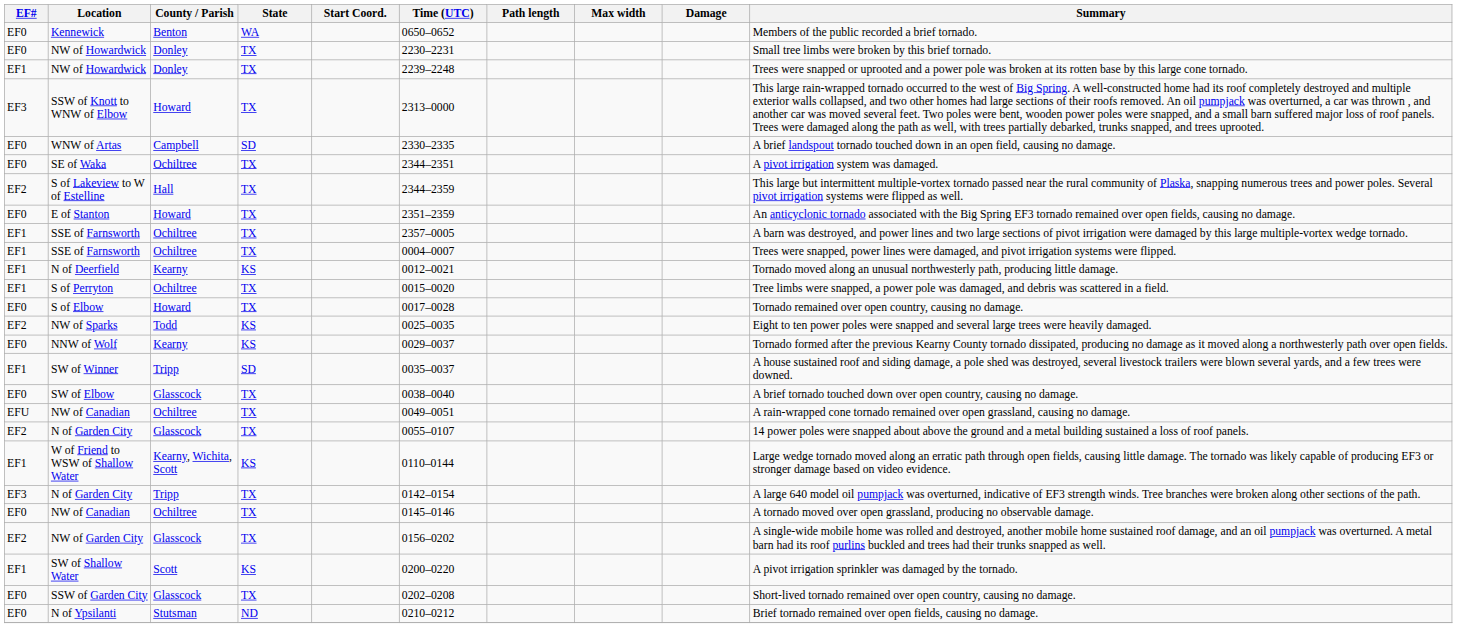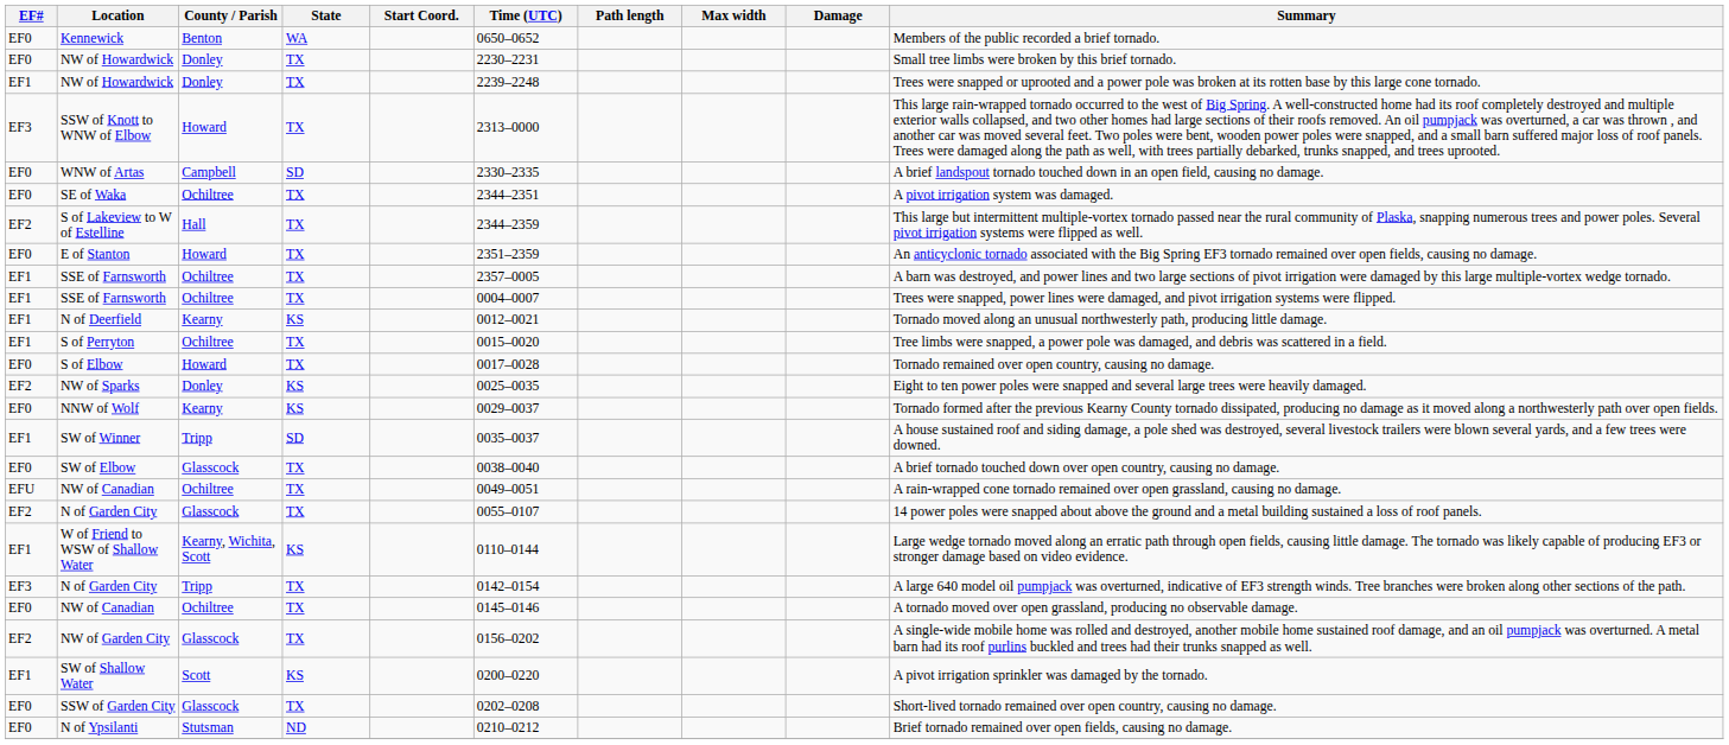 <table class="wikitable sortable" style="width:100%;">
 <tr>
 <th scope="col" width="3%" align="center"><a href='#'>EF#</a></th>
 <th scope="col" width="7%" align="center" class="unsortable">Location</th>
 <th scope="col" width="6%" align="center" class="unsortable">County / Parish</th>
 <th scope="col" width="5%" align="center">State</th>
 <th scope="col" width="6%" align="center">Start Coord.</th>
 <th scope="col" width="6%" align="center">Time (<a href='#'>UTC</a>)</th>
 <th scope="col" width="6%" align="center">Path length</th>
 <th scope="col" width="6%" align="center">Max width</th>
 <th scope="col" width="6%" align="center">Damage</th>
 <th scope="col" width="48%" class="unsortable" align="center">Summary</th>
 </tr>
 <tr>
 <td>EF0</td>
 <td><a href='#'>Kennewick</a></td>
 <td><a href='#'>Benton</a></td>
 <td><a href='#'>WA</a></td>
 <td></td>
 <td>0650–0652</td>
 <td></td>
 <td></td>
 <td></td>
 <td>Members of the public recorded a brief tornado.</td>
 </tr>
 <tr>
 <td>EF0</td>
 <td>NW of <a href='#'>Howardwick</a></td>
 <td><a href='#'>Donley</a></td>
 <td><a href='#'>TX</a></td>
 <td></td>
 <td>2230–2231</td>
 <td></td>
 <td></td>
 <td></td>
 <td>Small tree limbs were broken by this brief tornado.</td>
 </tr>
 <tr>
 <td>EF1</td>
 <td>NW of <a href='#'>Howardwick</a></td>
 <td><a href='#'>Donley</a></td>
 <td><a href='#'>TX</a></td>
 <td></td>
 <td>2239–2248</td>
 <td></td>
 <td></td>
 <td></td>
 <td>Trees were snapped or uprooted and a power pole was broken at its rotten base by this large cone tornado.</td>
 </tr>
 <tr>
 <td>EF3</td>
 <td>SSW of <a href='#'>Knott</a> to WNW of <a href='#'>Elbow</a></td>
 <td><a href='#'>Howard</a></td>
 <td><a href='#'>TX</a></td>
 <td></td>
 <td>2313–0000</td>
 <td></td>
 <td></td>
 <td></td>
 <td>This large rain-wrapped tornado occurred to the west of <a href='#'>Big Spring</a>. A well-constructed home had its roof completely destroyed and multiple exterior walls collapsed, and two other homes had large sections of their roofs removed. An oil <a href='#'>pumpjack</a> was overturned, a car was thrown , and another car was moved several feet. Two poles were bent, wooden power poles were snapped, and a small barn suffered major loss of roof panels. Trees were damaged along the path as well, with trees partially debarked, trunks snapped, and trees uprooted.</td>
 </tr>
 <tr>
 <td>EF0</td>
 <td>WNW of <a href='#'>Artas</a></td>
 <td><a href='#'>Campbell</a></td>
 <td><a href='#'>SD</a></td>
 <td></td>
 <td>2330–2335</td>
 <td></td>
 <td></td>
 <td></td>
 <td>A brief <a href='#'>landspout</a> tornado touched down in an open field, causing no damage.</td>
 </tr>
 <tr>
 <td>EF0</td>
 <td>SE of <a href='#'>Waka</a></td>
 <td><a href='#'>Ochiltree</a></td>
 <td><a href='#'>TX</a></td>
 <td></td>
 <td>2344–2351</td>
 <td></td>
 <td></td>
 <td></td>
 <td>A <a href='#'>pivot irrigation</a> system was damaged.</td>
 </tr>
 <tr>
 <td>EF2</td>
 <td>S of <a href='#'>Lakeview</a> to W of <a href='#'>Estelline</a></td>
 <td><a href='#'>Hall</a></td>
 <td><a href='#'>TX</a></td>
 <td></td>
 <td>2344–2359</td>
 <td></td>
 <td></td>
 <td></td>
 <td>This large but intermittent multiple-vortex tornado passed near the rural community of <a href='#'>Plaska</a>, snapping numerous trees and power poles. Several <a href='#'>pivot irrigation</a> systems were flipped as well.</td>
 </tr>
 <tr>
 <td>EF0</td>
 <td>E of <a href='#'>Stanton</a></td>
 <td><a href='#'>Howard</a></td>
 <td><a href='#'>TX</a></td>
 <td></td>
 <td>2351–2359</td>
 <td></td>
 <td></td>
 <td></td>
 <td>An <a href='#'>anticyclonic tornado</a> associated with the Big Spring EF3 tornado remained over open fields, causing no damage.</td>
 </tr>
 <tr>
 <td>EF1</td>
 <td>SSE of <a href='#'>Farnsworth</a></td>
 <td><a href='#'>Ochiltree</a></td>
 <td><a href='#'>TX</a></td>
 <td></td>
 <td>2357–0005</td>
 <td></td>
 <td></td>
 <td></td>
 <td>A barn was destroyed, and power lines and two large sections of pivot irrigation were damaged by this large multiple-vortex wedge tornado.</td>
 </tr>
 <tr>
 <td>EF1</td>
 <td>SSE of <a href='#'>Farnsworth</a></td>
 <td><a href='#'>Ochiltree</a></td>
 <td><a href='#'>TX</a></td>
 <td></td>
 <td>0004–0007</td>
 <td></td>
 <td></td>
 <td></td>
 <td>Trees were snapped, power lines were damaged, and pivot irrigation systems were flipped.</td>
 </tr>
 <tr>
 <td>EF1</td>
 <td>N of <a href='#'>Deerfield</a></td>
 <td><a href='#'>Kearny</a></td>
 <td><a href='#'>KS</a></td>
 <td></td>
 <td>0012–0021</td>
 <td></td>
 <td></td>
 <td></td>
 <td>Tornado moved along an unusual northwesterly path, producing little damage.</td>
 </tr>
 <tr>
 <td>EF1</td>
 <td>S of <a href='#'>Perryton</a></td>
 <td><a href='#'>Ochiltree</a></td>
 <td><a href='#'>TX</a></td>
 <td></td>
 <td>0015–0020</td>
 <td></td>
 <td></td>
 <td></td>
 <td>Tree limbs were snapped, a power pole was damaged, and debris was scattered in a field.</td>
 </tr>
 <tr>
 <td>EF0</td>
 <td>S of <a href='#'>Elbow</a></td>
 <td><a href='#'>Howard</a></td>
 <td><a href='#'>TX</a></td>
 <td></td>
 <td>0017–0028</td>
 <td></td>
 <td></td>
 <td></td>
 <td>Tornado remained over open country, causing no damage.</td>
 </tr>
 <tr>
 <td>EF2</td>
 <td>NW of <a href='#'>Sparks</a></td>
-<td><a href='#'>Todd</a></td>
+<td><a href='#'>Donley</a></td>
 <td><a href='#'>KS</a></td>
 <td></td>
 <td>0025–0035</td>
 <td></td>
 <td></td>
 <td></td>
 <td>Eight to ten power poles were snapped and several large trees were heavily damaged.</td>
 </tr>
 <tr>
 <td>EF0</td>
 <td>NNW of <a href='#'>Wolf</a></td>
 <td><a href='#'>Kearny</a></td>
 <td><a href='#'>KS</a></td>
 <td></td>
 <td>0029–0037</td>
 <td></td>
 <td></td>
 <td></td>
 <td>Tornado formed after the previous Kearny County tornado dissipated, producing no damage as it moved along a northwesterly path over open fields.</td>
 </tr>
 <tr>
 <td>EF1</td>
 <td>SW of <a href='#'>Winner</a></td>
 <td><a href='#'>Tripp</a></td>
 <td><a href='#'>SD</a></td>
 <td></td>
 <td>0035–0037</td>
 <td></td>
 <td></td>
 <td></td>
 <td>A house sustained roof and siding damage, a pole shed was destroyed, several livestock trailers were blown several yards, and a few trees were downed.</td>
 </tr>
 <tr>
 <td>EF0</td>
 <td>SW of <a href='#'>Elbow</a></td>
 <td><a href='#'>Glasscock</a></td>
 <td><a href='#'>TX</a></td>
 <td></td>
 <td>0038–0040</td>
 <td></td>
 <td></td>
 <td></td>
 <td>A brief tornado touched down over open country, causing no damage.</td>
 </tr>
 <tr>
 <td>EFU</td>
 <td>NW of <a href='#'>Canadian</a></td>
 <td><a href='#'>Ochiltree</a></td>
 <td><a href='#'>TX</a></td>
 <td></td>
 <td>0049–0051</td>
 <td></td>
 <td></td>
 <td></td>
 <td>A rain-wrapped cone tornado remained over open grassland, causing no damage.</td>
 </tr>
 <tr>
 <td>EF2</td>
 <td>N of <a href='#'>Garden City</a></td>
 <td><a href='#'>Glasscock</a></td>
 <td><a href='#'>TX</a></td>
 <td></td>
 <td>0055–0107</td>
 <td></td>
 <td></td>
 <td></td>
 <td>14 power poles were snapped about  above the ground and a metal building sustained a loss of roof panels.</td>
 </tr>
 <tr>
 <td>EF1</td>
 <td>W of <a href='#'>Friend</a> to WSW of <a href='#'>Shallow Water</a></td>
 <td><a href='#'>Kearny</a>, <a href='#'>Wichita</a>, <a href='#'>Scott</a></td>
 <td><a href='#'>KS</a></td>
 <td></td>
 <td>0110–0144</td>
 <td></td>
 <td></td>
 <td></td>
 <td>Large wedge tornado moved along an erratic path through open fields, causing little damage. The tornado was likely capable of producing EF3 or stronger damage based on video evidence.</td>
 </tr>
 <tr>
 <td>EF3</td>
 <td>N of <a href='#'>Garden City</a></td>
 <td><a href='#'>Tripp</a></td>
 <td><a href='#'>TX</a></td>
 <td></td>
 <td>0142–0154</td>
 <td></td>
 <td></td>
 <td></td>
 <td>A large 640 model oil <a href='#'>pumpjack</a> was overturned, indicative of EF3 strength winds. Tree branches were broken along other sections of the path.</td>
 </tr>
 <tr>
 <td>EF0</td>
 <td>NW of <a href='#'>Canadian</a></td>
 <td><a href='#'>Ochiltree</a></td>
 <td><a href='#'>TX</a></td>
 <td></td>
 <td>0145–0146</td>
 <td></td>
 <td></td>
 <td></td>
 <td>A tornado moved over open grassland, producing no observable damage.</td>
 </tr>
 <tr>
 <td>EF2</td>
 <td>NW of <a href='#'>Garden City</a></td>
 <td><a href='#'>Glasscock</a></td>
 <td><a href='#'>TX</a></td>
 <td></td>
 <td>0156–0202</td>
 <td></td>
 <td></td>
 <td></td>
 <td>A single-wide mobile home was rolled and destroyed, another mobile home sustained roof damage, and an oil <a href='#'>pumpjack</a> was overturned. A metal barn had its roof <a href='#'>purlins</a> buckled and trees had their trunks snapped as well.</td>
 </tr>
 <tr>
 <td>EF1</td>
 <td>SW of <a href='#'>Shallow Water</a></td>
 <td><a href='#'>Scott</a></td>
 <td><a href='#'>KS</a></td>
 <td></td>
 <td>0200–0220</td>
 <td></td>
 <td></td>
 <td></td>
 <td>A pivot irrigation sprinkler was damaged by the tornado.</td>
 </tr>
 <tr>
 <td>EF0</td>
 <td>SSW of <a href='#'>Garden City</a></td>
 <td><a href='#'>Glasscock</a></td>
 <td><a href='#'>TX</a></td>
 <td></td>
 <td>0202–0208</td>
 <td></td>
 <td></td>
 <td></td>
 <td>Short-lived tornado remained over open country, causing no damage.</td>
 </tr>
 <tr>
 <td>EF0</td>
 <td>N of <a href='#'>Ypsilanti</a></td>
 <td><a href='#'>Stutsman</a></td>
 <td><a href='#'>ND</a></td>
 <td></td>
 <td>0210–0212</td>
 <td></td>
 <td></td>
 <td></td>
 <td>Brief tornado remained over open fields, causing no damage.</td>
 </tr>
 <tr>
 </tr>
 </table>
